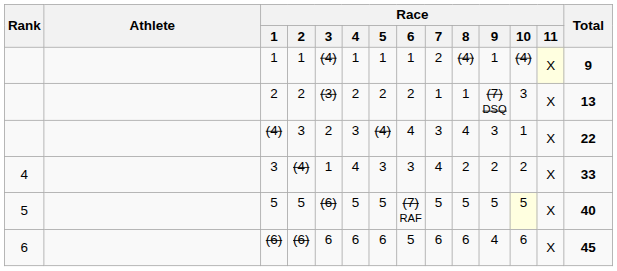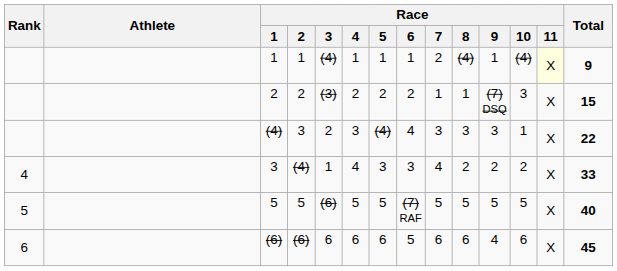 <table | class="wikitable" style="text-align:center">
 <tr>
 <th rowspan="2" width=40>Rank</th>
 <th rowspan="2" width=250>Athlete</th>
 <th colspan="11">Race</th>
 <th rowspan="2" width=50>Total</th>
 </tr>
 <tr>
 <th width=25>1</th>
 <th width=25>2</th>
 <th width=25>3</th>
 <th width=25>4</th>
 <th width=25>5</th>
 <th width=25>6</th>
 <th width=25>7</th>
 <th width=25>8</th>
 <th width=25>9</th>
 <th width=25>10</th>
 <th width=25>11</th>
 </tr>
 <tr>
 <td></td>
 <td align=left></td>
 <td>1<br> </td>
 <td>1<br> </td>
 <td><s>(4)</s><br> </td>
 <td>1<br> </td>
 <td>1<br> </td>
 <td>1<br> </td>
 <td>2<br> </td>
 <td><s>(4)</s><br> </td>
 <td>1<br> </td>
 <td><s>(4)</s><br> </td>
 <td style="background: lightyellow;">X</td>
 <td><strong>9</strong></td>
 </tr>
 <tr>
 <td></td>
 <td align=left></td>
 <td>2<br> </td>
 <td>2<br> </td>
 <td><s>(3)</s><br> </td>
 <td>2<br> </td>
 <td>2<br> </td>
 <td>2<br> </td>
 <td>1<br> </td>
 <td>1<br> </td>
 <td><s>(7)<br><small>DSQ</small></s></td>
 <td>3<br> </td>
 <td>X</td>
-<td><strong>13</strong></td>
+<td><strong>15</strong></td>
 </tr>
 <tr>
 <td></td>
 <td align=left></td>
 <td><s>(4)</s><br> </td>
 <td>3<br> </td>
 <td>2<br> </td>
 <td>3<br> </td>
 <td><s>(4)</s><br> </td>
 <td>4<br> </td>
 <td>3<br> </td>
-<td>4<br> </td>
+<td>3<br> </td>
 <td>3<br> </td>
 <td>1<br> </td>
 <td>X</td>
 <td><strong>22</strong></td>
 </tr>
 <tr>
 <td>4</td>
 <td align=left></td>
 <td>3<br> </td>
 <td><s>(4)</s><br> </td>
 <td>1<br> </td>
 <td>4<br> </td>
 <td>3<br> </td>
 <td>3<br> </td>
 <td>4<br> </td>
 <td>2<br> </td>
 <td>2<br> </td>
 <td>2<br> </td>
 <td>X</td>
 <td><strong>33</strong></td>
 </tr>
 <tr>
 <td>5</td>
 <td align=left></td>
 <td>5<br> </td>
 <td>5<br> </td>
 <td><s>(6)</s><br> </td>
 <td>5<br> </td>
 <td>5<br> </td>
 <td><s>(7)</s><br><small>RAF</small></td>
 <td>5<br> </td>
 <td>5<br> </td>
 <td>5<br> </td>
-<td style="background: lightyellow;">5<br> </td>
+<td>5<br> </td>
 <td>X</td>
 <td><strong>40</strong></td>
 </tr>
 <tr>
 <td>6</td>
 <td align=left></td>
 <td><s>(6)</s><br> </td>
 <td><s>(6)</s><br> </td>
 <td>6<br> </td>
 <td>6<br> </td>
 <td>6<br> </td>
 <td>5<br> </td>
 <td>6<br> </td>
 <td>6<br> </td>
 <td>4<br> </td>
 <td>6<br> </td>
 <td>X</td>
 <td><strong>45</strong></td>
 </tr>
 </table>
